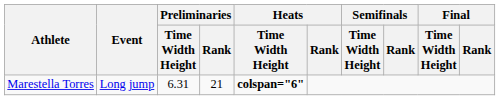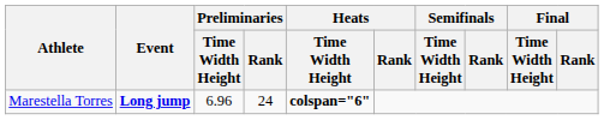 <table class="wikitable" style="font-size:90%">
 <tr>
 <th rowspan="2">Athlete</th>
 <th rowspan="2">Event</th>
 <th colspan="2">Preliminaries</th>
 <th colspan="2">Heats</th>
 <th colspan="2">Semifinals</th>
 <th colspan="2">Final</th>
 </tr>
 <tr>
 <th>Time<br>Width<br>Height</th>
 <th>Rank</th>
 <th>Time<br>Width<br>Height</th>
 <th>Rank</th>
 <th>Time<br>Width<br>Height</th>
 <th>Rank</th>
 <th>Time<br>Width<br>Height</th>
 <th>Rank</th>
 </tr>
 <tr>
 <td><a href='#'>Marestella Torres</a></td>
-<td><a href='#'>Long jump</a></td>
-<td align=center>6.31</td>
-<td align=center>21</td>
+<td><strong><a href='#'>Long jump</a></strong></td>
+<td align=center>6.96</td>
+<td align=center>24</td>
 <td><strong>colspan="6" </strong></td>
 </tr>
 </table>
